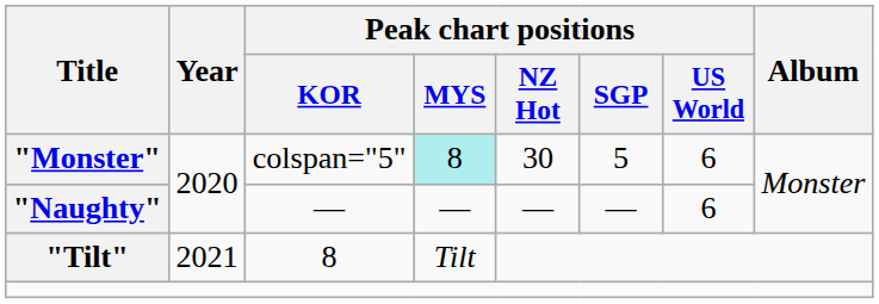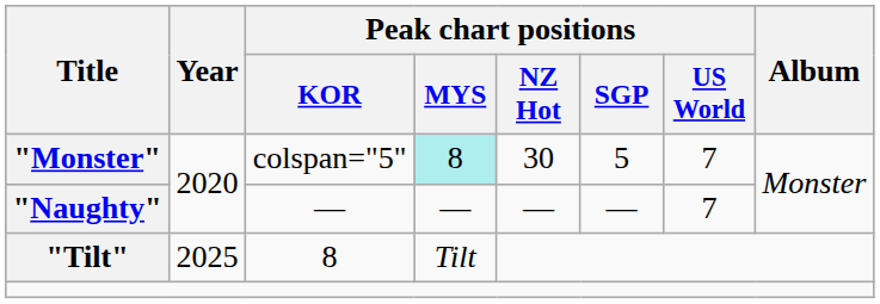 <table class="wikitable plainrowheaders" style="text-align:center">
 <tr>
 <th scope="col" rowspan="2">Title</th>
 <th scope="col" rowspan="2">Year</th>
 <th scope="col" colspan="5">Peak chart positions</th>
 <th scope="col" rowspan="2">Album</th>
 </tr>
 <tr>
 <th scope="col" style="font-size:90%; width:2.5em"><a href='#'>KOR</a><br></th>
 <th scope="col" style="font-size:90%; width:2.5em"><a href='#'>MYS</a><br></th>
 <th scope="col" style="font-size:90%; width:2.5em"><a href='#'>NZ<br>Hot</a><br></th>
 <th scope="col" style="font-size:90%; width:2.5em"><a href='#'>SGP</a><br></th>
 <th scope="col" style="width:3em;font-size:85%"><a href='#'>US<br>World</a><br></th>
 </tr>
 <tr>
 <th scope="row">"<a href='#'>Monster</a>"</th>
 <td rowspan="2">2020</td>
 <td>colspan="5" </td>
 <td style="background: paleturquoise;">8</td>
 <td>30</td>
 <td>5</td>
-<td>6</td>
+<td>7</td>
 <td rowspan="2"><em>Monster</em></td>
 </tr>
 <tr>
 <th scope="row">"<a href='#'>Naughty</a>"</th>
 <td>—</td>
 <td>—</td>
 <td>—</td>
 <td>—</td>
-<td>6</td>
+<td>7</td>
 </tr>
 <tr>
 <th scope="row">"Tilt"</th>
-<td>2021</td>
+<td>2025</td>
 <td>8</td>
 <td><em>Tilt</em></td>
 </tr>
 <tr>
 <td colspan="9" style="text-align:center"></td>
 </tr>
 </table>
